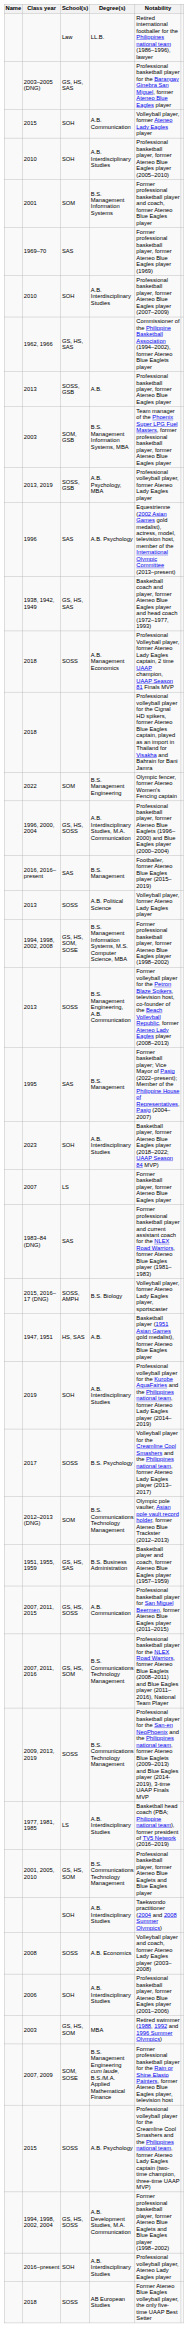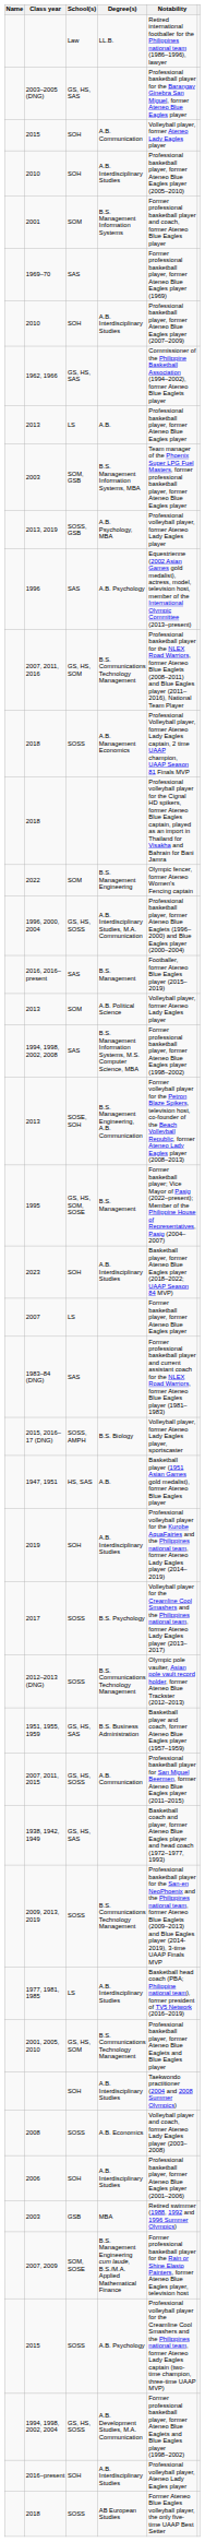 <table class="wikitable sortable" style="width:77%">
 <tr>
 <th style="width:15%;">Name</th>
 <th style="width:5%;">Class year</th>
 <th style="width:5%;">School(s)</th>
 <th style="width:15%;">Degree(s)</th>
 <th style="width:*;" class="unsortable">Notability</th>
 <th style="width:5%;" class="unsortable"></th>
 </tr>
 <tr>
 <td></td>
 <td></td>
 <td>Law</td>
 <td>LL.B.</td>
 <td>Retired international footballer for the <a href='#'>Philippines national team</a> (1986–1996), lawyer</td>
 <td></td>
 </tr>
 <tr>
 <td></td>
 <td>2003–2005 (DNG)</td>
 <td>GS, HS, SAS</td>
 <td></td>
 <td>Professional basketball player for the <a href='#'>Barangay Ginebra San Miguel</a>, former <a href='#'>Ateneo Blue Eagles</a> player</td>
 <td></td>
 </tr>
 <tr>
 <td></td>
 <td>2015</td>
 <td>SOH</td>
 <td>A.B. Communication</td>
 <td>Volleyball player, former <a href='#'>Ateneo Lady Eagles</a> player</td>
 <td></td>
 </tr>
 <tr>
 <td></td>
 <td>2010</td>
 <td>SOH</td>
 <td>A.B. Interdisciplinary Studies</td>
 <td>Professional basketball player, former Ateneo Blue Eagles player (2005–2010)</td>
 <td></td>
 </tr>
 <tr>
 <td></td>
 <td>2001</td>
 <td>SOM</td>
 <td>B.S. Management Information Systems</td>
 <td>Former professional basketball player and coach, former Ateneo Blue Eagles player</td>
 <td></td>
 </tr>
 <tr>
 <td></td>
 <td>1969–70</td>
 <td>SAS</td>
 <td></td>
 <td>Former professional basketball player, former Ateneo Blue Eagles player (1969)</td>
 <td></td>
 </tr>
 <tr>
 <td></td>
 <td>2010</td>
 <td>SOH</td>
 <td>A.B. Interdisciplinary Studies</td>
 <td>Professional basketball player, former Ateneo Blue Eagles player (2007–2009)</td>
 <td></td>
 </tr>
 <tr>
 <td></td>
 <td>1962, 1966</td>
 <td>GS, HS, SAS</td>
 <td></td>
 <td>Commissioner of the <a href='#'>Philippine Basketball Association</a> (1994–2002), former Ateneo Blue Eaglets player</td>
 <td></td>
 </tr>
 <tr>
 <td></td>
 <td>2013</td>
-<td>SOSS, GSB</td>
+<td>LS</td>
 <td>A.B.</td>
 <td>Professional basketball player, former Ateneo Blue Eagles player</td>
 <td></td>
 </tr>
 <tr>
 <td></td>
 <td>2003</td>
 <td>SOM, GSB</td>
 <td>B.S. Management Information Systems, MBA</td>
 <td>Team manager of the <a href='#'>Phoenix Super LPG Fuel Masters</a>, former professional basketball player, former Ateneo Blue Eagles player</td>
 <td></td>
 </tr>
 <tr>
 <td></td>
 <td>2013, 2019</td>
 <td>SOSS, GSB</td>
 <td>A.B. Psychology, MBA</td>
 <td>Professional volleyball player, former Ateneo Lady Eagles player</td>
 <td></td>
 </tr>
 <tr>
 <td></td>
 <td>1996</td>
 <td>SAS</td>
 <td>A.B. Psychology</td>
 <td>Equestrienne (<a href='#'>2002 Asian Games</a> gold medalist), actress, model, television host, member of the <a href='#'>International Olympic Committee</a> (2013–present)</td>
 <td></td>
 </tr>
 <tr>
 <td></td>
-<td>1938, 1942, 1949</td>
-<td>GS, HS, SAS</td>
-<td></td>
-<td>Basketball coach and player, former Ateneo Blue Eagles player and head coach (1972–1977, 1993)</td>
+<td>2007, 2011, 2016</td>
+<td>GS, HS, SOM</td>
+<td>B.S. Communications Technology Management</td>
+<td>Professional basketball player for the <a href='#'>NLEX Road Warriors</a>, former Ateneo Blue Eaglets (2008–2011) and Blue Eagles player (2011–2016), National Team Player</td>
 <td></td>
 </tr>
 <tr>
 <td></td>
 <td>2018</td>
 <td>SOSS</td>
 <td>A.B. Management Economics</td>
 <td>Professional Volleyball player, former Ateneo Lady Eagles captain, 2 time <a href='#'>UAAP</a> champion, <a href='#'>UAAP Season 81</a> Finals MVP</td>
 <td></td>
 </tr>
 <tr>
 <td></td>
 <td>2018</td>
 <td></td>
 <td></td>
 <td>Professional volleyball player for the Cignal HD spikers, former Ateneo Blue Eagles captain, played as an import in Thailand for <a href='#'>Visakha</a> and Bahrain for Bani Jamra</td>
 <td></td>
 </tr>
 <tr>
 <td></td>
 <td>2022</td>
 <td>SOM</td>
 <td>B.S. Management Engineering</td>
 <td>Olympic fencer, former Ateneo Women's Fencing captain</td>
 <td></td>
 </tr>
 <tr>
 <td></td>
 <td>1996, 2000, 2004</td>
 <td>GS, HS, SOSS</td>
 <td>A.B. Interdisciplinary Studies, M.A. Communication</td>
 <td>Professional basketball player, former Ateneo Blue Eaglets (1996–2000) and Blue Eagles player (2000–2004)</td>
 <td></td>
 </tr>
 <tr>
 <td></td>
 <td>2016, 2016–present</td>
 <td>SAS</td>
 <td>B.S. Management</td>
 <td>Footballer, former Ateneo Blue Eagles player (2015–2019)</td>
 <td></td>
 </tr>
 <tr>
 <td></td>
 <td>2013</td>
-<td>SOSS</td>
+<td>SOM</td>
 <td>A.B. Political Science</td>
 <td>Volleyball player, former Ateneo Lady Eagles player</td>
 <td></td>
 </tr>
 <tr>
 <td></td>
 <td>1994, 1998, 2002, 2008</td>
-<td>GS, HS, SOM, SOSE</td>
+<td>SAS</td>
 <td>B.S. Management Information Systems, M.S. Computer Science, MBA</td>
 <td>Former professional basketball player, former Ateneo Blue Eagles player (1998–2002)</td>
 <td></td>
 </tr>
 <tr>
 <td></td>
 <td>2013</td>
-<td>SOSS</td>
+<td>SOSE, SOH</td>
 <td>B.S. Management Engineering, A.B. Communication</td>
 <td>Former volleyball player for the <a href='#'>Petron Blaze Spikers</a>, television host, co-founder of the <a href='#'>Beach Volleyball Republic</a>, former <a href='#'>Ateneo Lady Eagles</a> player (2008–2013)</td>
 <td></td>
 </tr>
 <tr>
 <td></td>
 <td>1995</td>
-<td>SAS</td>
+<td>GS, HS, SOM, SOSE</td>
 <td>B.S. Management</td>
 <td>Former basketball player; Vice Mayor of <a href='#'>Pasig</a> (2022–present); Member of the <a href='#'>Philippine House of Representatives</a>, <a href='#'>Pasig</a> (2004–2007)</td>
 <td></td>
 </tr>
 <tr>
 <td></td>
 <td>2023</td>
 <td>SOH</td>
 <td>A.B. Interdisciplinary Studies</td>
 <td>Basketball player, former Ateneo Blue Eagles player (2018–2022; <a href='#'>UAAP Season 84</a> MVP)</td>
 <td></td>
 </tr>
 <tr>
 <td></td>
 <td>2007</td>
 <td>LS</td>
 <td></td>
 <td>Former basketball player, former Ateneo Blue Eagles player</td>
 <td></td>
 </tr>
 <tr>
 <td></td>
 <td>1983–84 (DNG)</td>
 <td>SAS</td>
 <td></td>
 <td>Former professional basketball player and current assistant coach for the <a href='#'>NLEX Road Warriors</a>, former Ateneo Blue Eagles player (1981–1983)</td>
 <td></td>
 </tr>
 <tr>
 <td></td>
 <td>2015, 2016–17 (DNG)</td>
 <td>SOSS, AMPH</td>
 <td>B.S. Biology</td>
 <td>Volleyball player, former Ateneo Lady Eagles player, sportscaster</td>
 <td></td>
 </tr>
 <tr>
 <td></td>
 <td>1947, 1951</td>
 <td>HS, SAS</td>
 <td>A.B.</td>
 <td>Basketball player (<a href='#'>1951 Asian Games</a> gold medalist), former Ateneo Blue Eagles player</td>
 <td></td>
 </tr>
 <tr>
 <td></td>
 <td>2019</td>
 <td>SOH</td>
 <td>A.B. Interdisciplinary Studies</td>
 <td>Professional volleyball player for the <a href='#'>Kurobe AquaFairies</a> and the <a href='#'>Philippines national team</a>, former Ateneo Lady Eagles player (2014–2019)</td>
 <td></td>
 </tr>
 <tr>
 <td></td>
 <td>2017</td>
 <td>SOSS</td>
 <td>B.S. Psychology</td>
 <td>Volleyball player for the <a href='#'>Creamline Cool Smashers</a> and the <a href='#'>Philippines national team</a>, former Ateneo Lady Eagles player (2013–2017)</td>
 <td></td>
 </tr>
 <tr>
 <td></td>
 <td>2012–2013 (DNG)</td>
-<td>SOM</td>
+<td>SOSS</td>
 <td>B.S. Communications Technology Management</td>
 <td>Olympic pole vaulter, <a href='#'>Asian pole vault record holder</a>, former Ateneo Blue Trackster (2012–2013)</td>
 <td></td>
 </tr>
 <tr>
 <td></td>
 <td>1951, 1955, 1959</td>
 <td>GS, HS, SAS</td>
 <td>B.S. Business Administration</td>
 <td>Basketball player and coach, former Ateneo Blue Eagles player (1957–1959)</td>
 <td></td>
 </tr>
 <tr>
 <td></td>
 <td>2007, 2011, 2015</td>
 <td>GS, HS, SOSS</td>
 <td>A.B. Communication</td>
 <td>Professional basketball player for <a href='#'>San Miguel Beermen</a>, former Ateneo Blue Eagles player (2011–2015)</td>
 <td></td>
 </tr>
 <tr>
 <td></td>
-<td>2007, 2011, 2016</td>
-<td>GS, HS, SOM</td>
-<td>B.S. Communications Technology Management</td>
-<td>Professional basketball player for the <a href='#'>NLEX Road Warriors</a>, former Ateneo Blue Eaglets (2008–2011) and Blue Eagles player (2011–2016), National Team Player</td>
+<td>1938, 1942, 1949</td>
+<td>GS, HS, SAS</td>
+<td></td>
+<td>Basketball coach and player, former Ateneo Blue Eagles player and head coach (1972–1977, 1993)</td>
 <td></td>
 </tr>
 <tr>
 <td></td>
 <td>2009, 2013, 2019</td>
 <td>SOSS</td>
 <td>B.S. Communications Technology Management</td>
 <td>Professional basketball player for the <a href='#'>San-en NeoPhoenix</a> and the <a href='#'>Philippines national team</a>, former Ateneo Blue Eaglets (2009–2013) and Blue Eagles player (2014-2019), 3-time UAAP Finals MVP</td>
 <td></td>
 </tr>
 <tr>
 <td></td>
 <td>1977, 1981, 1985</td>
 <td>LS</td>
 <td>A.B. Interdisciplinary Studies</td>
 <td>Basketball head coach (PBA; <a href='#'>Philippine national team</a>), former president of <a href='#'>TV5 Network</a> (2016–2019)</td>
 <td></td>
 </tr>
 <tr>
 <td></td>
 <td>2001, 2005, 2010</td>
 <td>GS, HS, SOM</td>
 <td>B.S. Communications Technology Management</td>
 <td>Professional basketball player, former Ateneo Blue Eaglets and Blue Eagles player</td>
 <td></td>
 </tr>
 <tr>
 <td></td>
 <td></td>
 <td>SOH</td>
 <td>A.B. Interdisciplinary Studies</td>
 <td>Taekwondo practitioner (<a href='#'>2004</a> and <a href='#'>2008 Summer Olympics</a>)</td>
 <td></td>
 </tr>
 <tr>
 <td></td>
 <td>2008</td>
 <td>SOSS</td>
 <td>A.B. Economics</td>
 <td>Volleyball player and coach, former Ateneo Lady Eagles player (2003–2008)</td>
 <td></td>
 </tr>
 <tr>
 <td></td>
 <td>2006</td>
 <td>SOH</td>
 <td>A.B. Interdisciplinary Studies</td>
 <td>Professional basketball player, former Ateneo Blue Eagles player (2001–2006)</td>
 <td></td>
 </tr>
 <tr>
 <td></td>
 <td>2003</td>
-<td>GS, HS, SOM</td>
+<td>GSB</td>
 <td>MBA</td>
 <td>Retired swimmer (<a href='#'>1988</a>, <a href='#'>1992</a> and <a href='#'>1996 Summer Olympics</a>)</td>
 <td></td>
 </tr>
 <tr>
 <td></td>
 <td>2007, 2009</td>
 <td>SOM, SOSE</td>
 <td>B.S. Management Engineering <em>cum laude</em>, B.S./M.A. Applied Mathematical Finance</td>
 <td>Former professional basketball player for the <a href='#'>Rain or Shine Elasto Painters</a>, former Ateneo Blue Eagles player, television host</td>
 <td></td>
 </tr>
 <tr>
 <td></td>
 <td>2015</td>
 <td>SOSS</td>
 <td>A.B. Psychology</td>
 <td>Professional volleyball player for the Creamline Cool Smashers and the <a href='#'>Philippines national team</a>, former Ateneo Lady Eagles captain (two-time champion, three-time UAAP MVP)</td>
 <td></td>
 </tr>
 <tr>
 <td></td>
 <td>1994, 1998, 2002, 2004</td>
 <td>GS, HS, SOSS</td>
 <td>A.B. Development Studies, M.A. Communication</td>
 <td>Former professional basketball player, former Ateneo Blue Eaglets and Blue Eagles player (1998−2002)</td>
 <td></td>
 </tr>
 <tr>
 <td></td>
 <td>2016−present</td>
 <td>SOH</td>
 <td>A.B. Interdisciplinary Studies</td>
 <td>Professional volleyball player, Ateneo Lady Eagles player</td>
 <td></td>
 </tr>
 <tr>
 <td></td>
 <td>2018</td>
 <td>SOSS</td>
 <td>AB European Studies</td>
 <td>Former Ateneo Blue Eagles volleyball player, the only five-time UAAP Best Setter</td>
 <td></td>
 </tr>
 </table>
